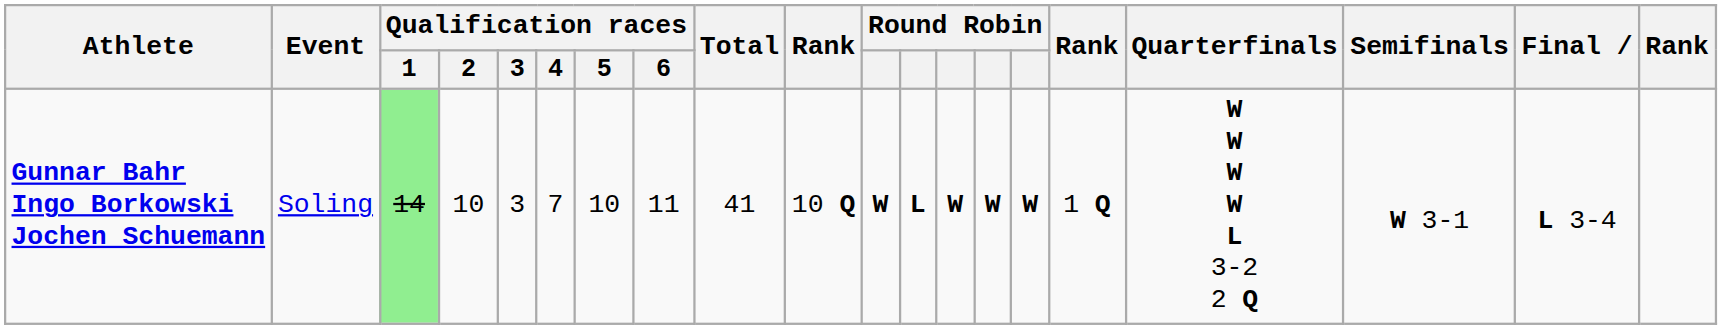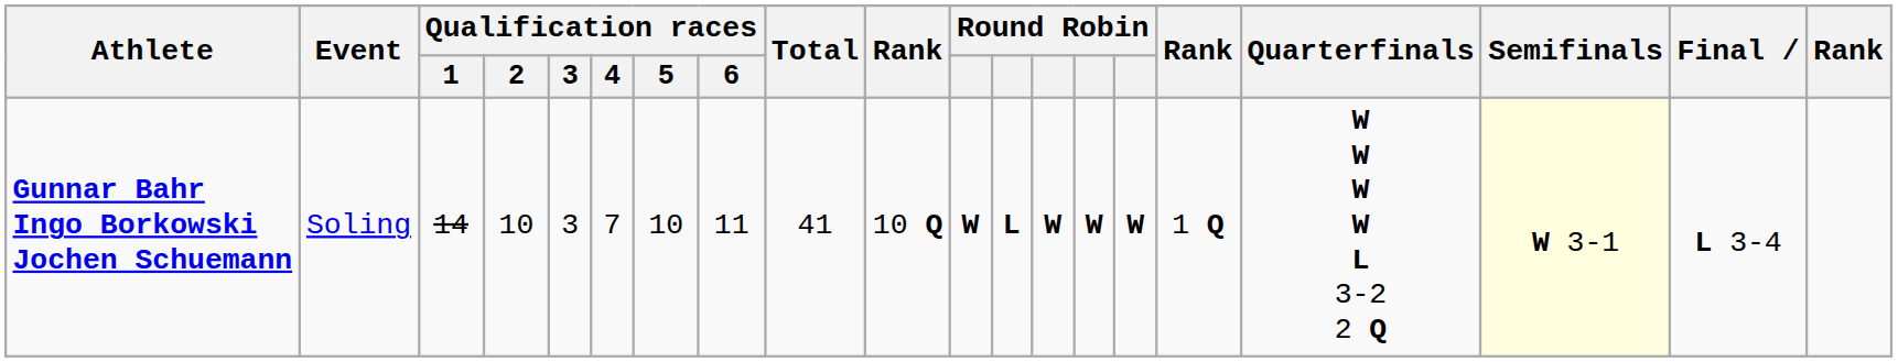 <table class="wikitable" style="font-size:90%">
 <tr>
 <th rowspan="2">Athlete</th>
 <th rowspan="2">Event</th>
 <th colspan="6">Qualification races</th>
 <th rowspan="2">Total</th>
 <th rowspan="2">Rank</th>
 <th colspan="5">Round Robin</th>
 <th rowspan="2">Rank</th>
 <th rowspan="2">Quarterfinals</th>
 <th rowspan="2">Semifinals</th>
 <th rowspan="2">Final / </th>
 <th rowspan="2">Rank</th>
 </tr>
 <tr style="vertical-align:bottom; font-size:95%">
 <th>1</th>
 <th>2</th>
 <th>3</th>
 <th>4</th>
 <th>5</th>
 <th>6</th>
 <th></th>
 <th></th>
 <th></th>
 <th></th>
 <th></th>
 </tr>
 <tr align=center>
 <td align=left><strong><a href='#'>Gunnar Bahr</a></strong><br><strong><a href='#'>Ingo Borkowski</a></strong><br><strong><a href='#'>Jochen Schuemann</a></strong></td>
 <td align=left><a href='#'>Soling</a></td>
-<td style="background: lightgreen;"><s>14</s></td>
+<td><s>14</s></td>
 <td>10</td>
 <td>3</td>
 <td>7</td>
 <td>10</td>
 <td>11</td>
 <td>41</td>
 <td>10 <strong>Q</strong></td>
 <td><strong>W</strong></td>
 <td><strong>L</strong></td>
 <td><strong>W</strong></td>
 <td><strong>W</strong></td>
 <td><strong>W</strong></td>
 <td>1 <strong>Q</strong></td>
 <td> <strong>W</strong><br>  <strong>W</strong><br>  <strong>W</strong><br>  <strong>W</strong><br>  <strong>L</strong><br> 3-2<br> 2 <strong>Q</strong></td>
-<td><br> <strong>W</strong> 3-1</td>
+<td style="background: lightyellow;"><br> <strong>W</strong> 3-1</td>
 <td><br> <strong>L</strong> 3-4</td>
 <td></td>
 </tr>
 </table>
